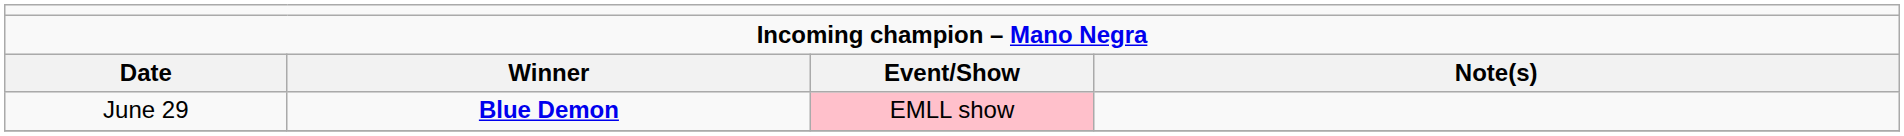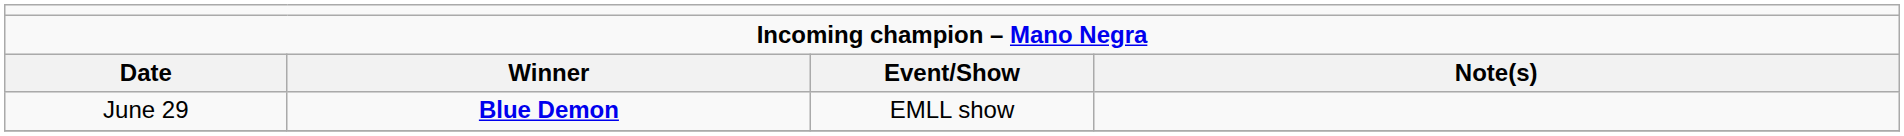 <table class="wikitable" style="text-align:center; width:100%;">
 <tr>
 <td colspan=5></td>
 </tr>
 <tr>
 <td colspan=5><strong>Incoming champion – <a href='#'>Mano Negra</a></strong></td>
 </tr>
 <tr>
 <th width=14%>Date</th>
 <th width=26%>Winner</th>
 <th width=14%>Event/Show</th>
 <th width=40%>Note(s)</th>
 </tr>
 <tr>
 <td>June 29</td>
 <td><strong><a href='#'>Blue Demon</a></strong></td>
-<td style="background: pink;">EMLL show</td>
+<td>EMLL show</td>
 <td></td>
 </tr>
 <tr>
 </tr>
 </table>
